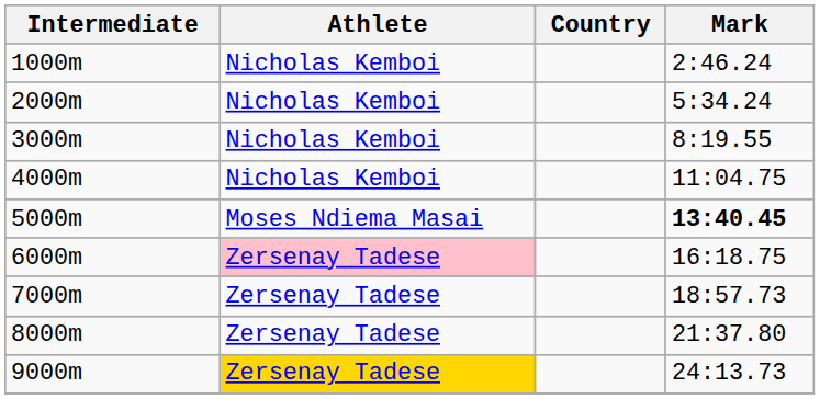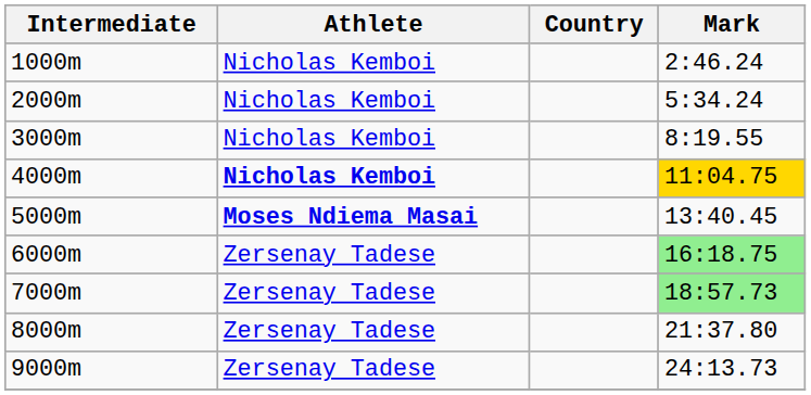 <table class="wikitable" width=50%>
 <tr>
 <th>Intermediate</th>
 <th>Athlete</th>
 <th>Country</th>
 <th>Mark</th>
 </tr>
 <tr>
 <td>1000m</td>
 <td><a href='#'>Nicholas Kemboi</a></td>
 <td></td>
 <td>2:46.24</td>
 </tr>
 <tr>
 <td>2000m</td>
 <td><a href='#'>Nicholas Kemboi</a></td>
 <td></td>
 <td>5:34.24</td>
 </tr>
 <tr>
 <td>3000m</td>
 <td><a href='#'>Nicholas Kemboi</a></td>
 <td></td>
 <td>8:19.55</td>
 </tr>
 <tr>
 <td>4000m</td>
-<td><a href='#'>Nicholas Kemboi</a></td>
+<td><strong><a href='#'>Nicholas Kemboi</a></strong></td>
 <td></td>
-<td>11:04.75</td>
+<td style="background: gold;">11:04.75</td>
 </tr>
 <tr>
 <td>5000m</td>
-<td><a href='#'>Moses Ndiema Masai</a></td>
+<td><strong><a href='#'>Moses Ndiema Masai</a></strong></td>
 <td></td>
-<td><strong>13:40.45</strong></td>
+<td>13:40.45</td>
 </tr>
 <tr>
 <td>6000m</td>
-<td style="background: pink;"><a href='#'>Zersenay Tadese</a></td>
+<td><a href='#'>Zersenay Tadese</a></td>
 <td></td>
-<td>16:18.75</td>
+<td style="background: lightgreen;">16:18.75</td>
 </tr>
 <tr>
 <td>7000m</td>
 <td><a href='#'>Zersenay Tadese</a></td>
 <td></td>
-<td>18:57.73</td>
+<td style="background: lightgreen;">18:57.73</td>
 </tr>
 <tr>
 <td>8000m</td>
 <td><a href='#'>Zersenay Tadese</a></td>
 <td></td>
 <td>21:37.80</td>
 </tr>
 <tr>
 <td>9000m</td>
-<td style="background: gold;"><a href='#'>Zersenay Tadese</a></td>
+<td><a href='#'>Zersenay Tadese</a></td>
 <td></td>
 <td>24:13.73</td>
 </tr>
 <tr>
 </tr>
 </table>
